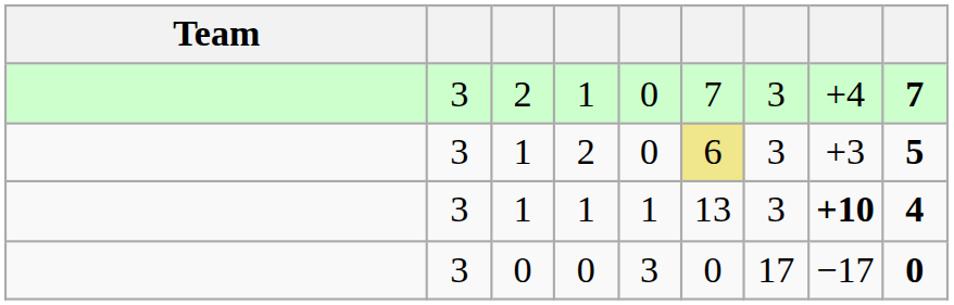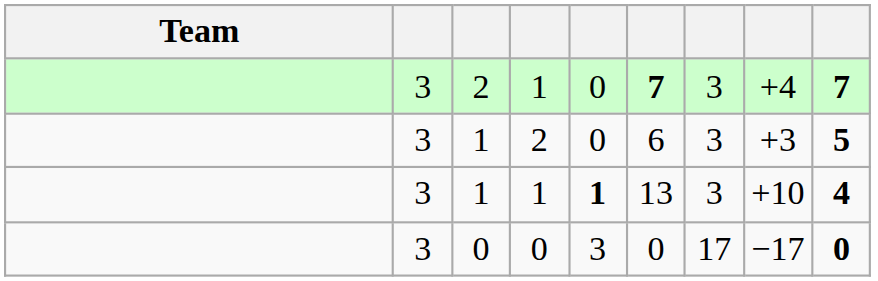 <table class="wikitable" style="text-align: center;">
 <tr>
 <th width="175">Team</th>
 <th width="20"></th>
 <th width="20"></th>
 <th width="20"></th>
 <th width="20"></th>
 <th width="20"></th>
 <th width="20"></th>
 <th width="20"></th>
 <th width="20"></th>
 </tr>
 <tr bgcolor=ccffcc>
 <td align=left></td>
 <td>3</td>
 <td>2</td>
 <td>1</td>
 <td>0</td>
-<td>7</td>
+<td><strong>7</strong></td>
 <td>3</td>
 <td>+4</td>
 <td><strong>7</strong></td>
 </tr>
 <tr>
 <td align=left></td>
 <td>3</td>
 <td>1</td>
 <td>2</td>
 <td>0</td>
-<td style="background: khaki;">6</td>
+<td>6</td>
 <td>3</td>
 <td>+3</td>
 <td><strong>5</strong></td>
 </tr>
 <tr>
 <td align=left><em></em></td>
 <td>3</td>
 <td>1</td>
 <td>1</td>
-<td>1</td>
+<td><strong>1</strong></td>
 <td>13</td>
 <td>3</td>
-<td><strong>+10</strong></td>
+<td>+10</td>
 <td><strong>4</strong></td>
 </tr>
 <tr>
 <td align=left></td>
 <td>3</td>
 <td>0</td>
 <td>0</td>
 <td>3</td>
 <td>0</td>
 <td>17</td>
 <td>−17</td>
 <td><strong>0</strong></td>
 </tr>
 </table>
